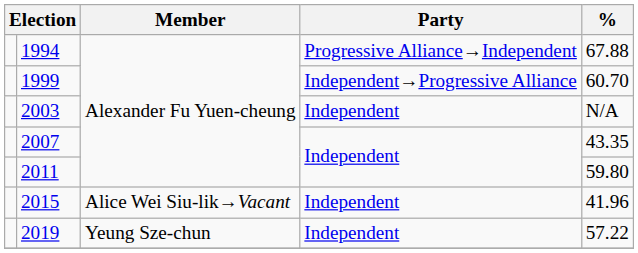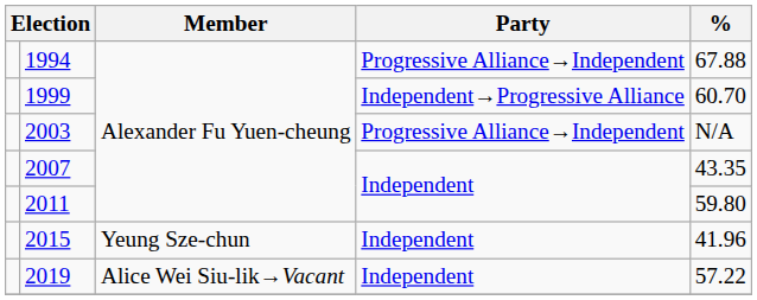 <table class="wikitable">
 <tr>
 <th colspan="2">Election</th>
 <th>Member</th>
 <th>Party</th>
 <th>%</th>
 </tr>
 <tr>
 <td style="background-color: "></td>
 <td><a href='#'>1994</a></td>
 <td rowspan=5>Alexander Fu Yuen-cheung</td>
 <td><a href='#'>Progressive Alliance</a>→<a href='#'>Independent</a></td>
 <td>67.88</td>
 </tr>
 <tr>
 <td style="background-color: "></td>
 <td><a href='#'>1999</a></td>
 <td><a href='#'>Independent</a>→<a href='#'>Progressive Alliance</a></td>
 <td>60.70</td>
 </tr>
 <tr>
 <td style="background-color: "></td>
 <td><a href='#'>2003</a></td>
-<td><a href='#'>Independent</a></td>
+<td><a href='#'>Progressive Alliance</a>→<a href='#'>Independent</a></td>
 <td>N/A</td>
 </tr>
 <tr>
 <td style="background-color: "></td>
 <td><a href='#'>2007</a></td>
 <td rowspan=2><a href='#'>Independent</a></td>
 <td>43.35</td>
 </tr>
 <tr>
 <td style="background-color: "></td>
 <td><a href='#'>2011</a></td>
 <td>59.80</td>
 </tr>
 <tr>
 <td style="background-color: "></td>
 <td><a href='#'>2015</a></td>
-<td>Alice Wei Siu-lik→<em>Vacant</em></td>
+<td>Yeung Sze-chun</td>
 <td><a href='#'>Independent</a></td>
 <td>41.96</td>
 </tr>
 <tr>
 <td style="background-color: "></td>
 <td><a href='#'>2019</a></td>
-<td>Yeung Sze-chun</td>
+<td>Alice Wei Siu-lik→<em>Vacant</em></td>
 <td><a href='#'>Independent</a></td>
 <td>57.22</td>
 </tr>
 <tr>
 </tr>
 </table>
